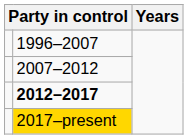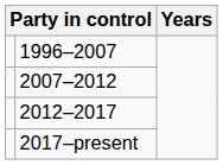 <table class="wikitable">
 <tr>
 <th colspan="2">Party in control</th>
 <th>Years</th>
 </tr>
 <tr>
 <td></td>
 <td>1996–2007</td>
 </tr>
 <tr>
 <td></td>
 <td>2007–2012</td>
 </tr>
 <tr>
 <td></td>
-<td><strong>2012–2017</strong></td>
+<td>2012–2017</td>
 </tr>
 <tr>
 <td></td>
-<td style="background: gold;">2017–present</td>
+<td>2017–present</td>
 </tr>
 </table>
